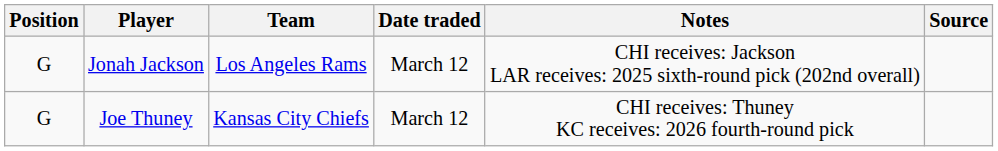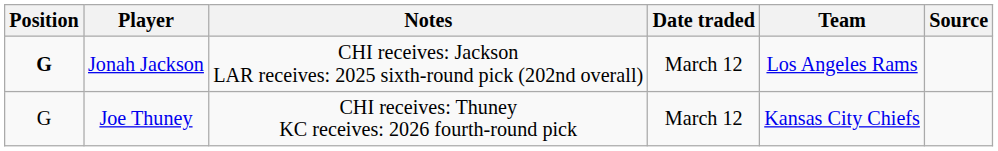 <table class="wikitable" style="text-align:center">
 <tr>
 <th>Position</th>
 <th>Player</th>
+<th>Notes</th>
+<th>Date traded</th>
 <th>Team</th>
-<th>Date traded</th>
-<th>Notes</th>
 <th>Source</th>
 </tr>
 <tr>
-<td>G</td>
+<td><strong>G</strong></td>
 <td><a href='#'>Jonah Jackson</a></td>
+<td>CHI receives: Jackson<br>LAR receives: 2025 sixth-round pick (202nd overall)</td>
+<td>March 12</td>
 <td><a href='#'>Los Angeles Rams</a></td>
-<td>March 12</td>
-<td>CHI receives: Jackson<br>LAR receives: 2025 sixth-round pick (202nd overall)</td>
 <td></td>
 </tr>
 <tr>
 <td>G</td>
 <td><a href='#'>Joe Thuney</a></td>
+<td>CHI receives: Thuney<br>KC receives: 2026 fourth-round pick</td>
+<td>March 12</td>
 <td><a href='#'>Kansas City Chiefs</a></td>
-<td>March 12</td>
-<td>CHI receives: Thuney<br>KC receives: 2026 fourth-round pick</td>
 <td></td>
 </tr>
 </table>
